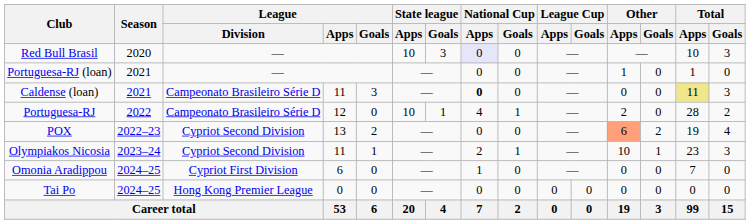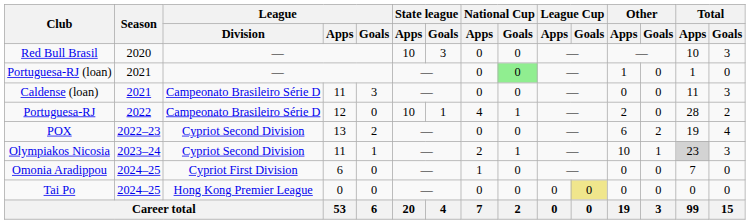 <table class="wikitable" style="text-align: center">
 <tr>
 <th rowspan="2">Club</th>
 <th rowspan="2">Season</th>
 <th colspan="3">League</th>
 <th colspan="2">State league</th>
 <th colspan="2">National Cup</th>
 <th colspan="2">League Cup</th>
 <th colspan="2">Other</th>
 <th colspan="2">Total</th>
 </tr>
 <tr>
 <th>Division</th>
 <th>Apps</th>
 <th>Goals</th>
 <th>Apps</th>
 <th>Goals</th>
 <th>Apps</th>
 <th>Goals</th>
 <th>Apps</th>
 <th>Goals</th>
 <th>Apps</th>
 <th>Goals</th>
 <th>Apps</th>
 <th>Goals</th>
 </tr>
 <tr>
 <td><a href='#'>Red Bull Brasil</a></td>
 <td>2020</td>
 <td colspan="3">—</td>
 <td>10</td>
 <td>3</td>
-<td style="background: lavender;">0</td>
+<td>0</td>
 <td>0</td>
 <td colspan="2">—</td>
 <td colspan="2">—</td>
 <td>10</td>
 <td>3</td>
 </tr>
 <tr>
 <td><a href='#'>Portuguesa-RJ</a> (loan)</td>
 <td>2021</td>
 <td colspan="3">—</td>
 <td colspan="2">—</td>
 <td>0</td>
-<td>0</td>
+<td style="background: lightgreen;">0</td>
 <td colspan="2">—</td>
 <td>1</td>
 <td>0</td>
 <td>1</td>
 <td>0</td>
 </tr>
 <tr>
 <td><a href='#'>Caldense</a> (loan)</td>
 <td><a href='#'>2021</a></td>
 <td><a href='#'>Campeonato Brasileiro Série D</a></td>
 <td>11</td>
 <td>3</td>
 <td colspan="2">—</td>
-<td><strong>0</strong></td>
+<td>0</td>
 <td>0</td>
 <td colspan="2">—</td>
 <td>0</td>
 <td>0</td>
-<td style="background: khaki;">11</td>
+<td>11</td>
 <td>3</td>
 </tr>
 <tr>
 <td><a href='#'>Portuguesa-RJ</a></td>
 <td><a href='#'>2022</a></td>
 <td><a href='#'>Campeonato Brasileiro Série D</a></td>
 <td>12</td>
 <td>0</td>
 <td>10</td>
 <td>1</td>
 <td>4</td>
 <td>1</td>
 <td colspan="2">—</td>
 <td>2</td>
 <td>0</td>
 <td>28</td>
 <td>2</td>
 </tr>
 <tr>
 <td><a href='#'>POX</a></td>
 <td><a href='#'>2022–23</a></td>
 <td><a href='#'>Cypriot Second Division</a></td>
 <td>13</td>
 <td>2</td>
 <td colspan="2">—</td>
 <td>0</td>
 <td>0</td>
 <td colspan="2">—</td>
-<td style="background: lightsalmon;">6</td>
+<td>6</td>
 <td>2</td>
 <td>19</td>
 <td>4</td>
 </tr>
 <tr>
 <td><a href='#'>Olympiakos Nicosia</a></td>
 <td><a href='#'>2023–24</a></td>
 <td><a href='#'>Cypriot Second Division</a></td>
 <td>11</td>
 <td>1</td>
 <td colspan="2">—</td>
 <td>2</td>
 <td>1</td>
 <td colspan="2">—</td>
 <td>10</td>
 <td>1</td>
-<td>23</td>
+<td style="background: lightgrey;">23</td>
 <td>3</td>
 </tr>
 <tr>
 <td><a href='#'>Omonia Aradippou</a></td>
 <td><a href='#'>2024–25</a></td>
 <td><a href='#'>Cypriot First Division</a></td>
 <td>6</td>
 <td>0</td>
 <td colspan="2">—</td>
 <td>1</td>
 <td>0</td>
 <td colspan="2">—</td>
 <td>0</td>
 <td>0</td>
 <td>7</td>
 <td>0</td>
 </tr>
 <tr>
 <td><a href='#'>Tai Po</a></td>
 <td><a href='#'>2024–25</a></td>
 <td><a href='#'>Hong Kong Premier League</a></td>
 <td>0</td>
 <td>0</td>
 <td colspan="2">—</td>
 <td>0</td>
 <td>0</td>
 <td>0</td>
-<td>0</td>
+<td style="background: khaki;">0</td>
 <td>0</td>
 <td>0</td>
 <td>0</td>
 <td>0</td>
 </tr>
 <tr>
 <th colspan="3">Career total</th>
 <th>53</th>
 <th>6</th>
 <th>20</th>
 <th>4</th>
 <th>7</th>
 <th>2</th>
 <th>0</th>
 <th>0</th>
 <th>19</th>
 <th>3</th>
 <th>99</th>
 <th>15</th>
 </tr>
 </table>
